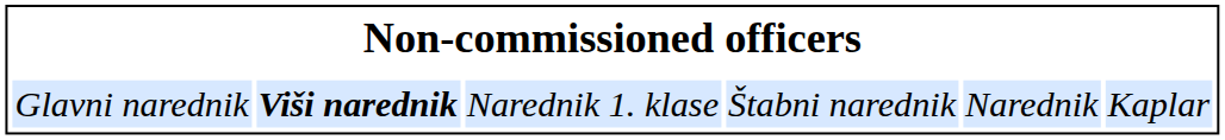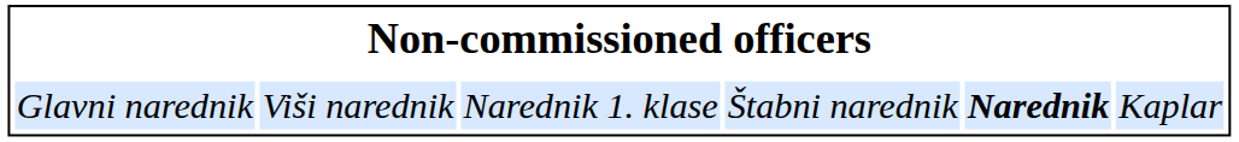 <table style="border:1px solid black; background:white; font-size:95%; margin:auto;">
 <tr>
 <td style="text-align:center;" colspan="8"><big><strong>Non-commissioned officers</strong></big></td>
 </tr>
 <tr align=center>
 <td></td>
 <td></td>
 <td></td>
 <td></td>
 <td></td>
 <td></td>
 </tr>
 <tr style="text-align:center; background:#d7e8ff;">
 <td><em>Glavni narednik</em></td>
-<td><strong><em>Viši narednik</em></strong></td>
+<td><em>Viši narednik</em></td>
 <td><em>Narednik 1. klase</em></td>
 <td><em>Štabni narednik</em></td>
-<td><em>Narednik</em></td>
+<td><strong><em>Narednik</em></strong></td>
 <td><em>Kaplar</em></td>
 </tr>
 </table>
